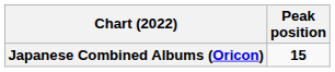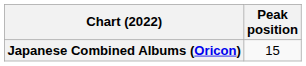 <table class="wikitable plainrowheaders" style="text-align:center;">
 <tr>
 <th scope="col">Chart (2022)</th>
 <th scope="col">Peak<br>position</th>
 </tr>
 <tr>
 <th scope="row">Japanese Combined Albums (<a href='#'>Oricon</a>)</th>
-<td><strong>15</strong></td>
+<td>15</td>
 </tr>
 </table>
